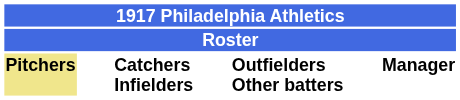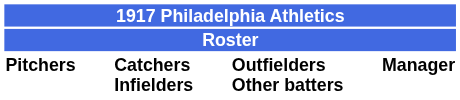 <table class="toccolours" style="font-size: 95%;">
 <tr>
 <th colspan="10" style="background-color: #4169e1; color: white; text-align: center;">1917 Philadelphia Athletics</th>
 </tr>
 <tr>
 <td colspan="10" style="background-color: #4169e1; color: white; text-align: center;"><strong>Roster</strong></td>
 </tr>
 <tr>
-<td valign="top" style="background: khaki;"><strong>Pitchers</strong><br>              </td>
+<td valign="top"><strong>Pitchers</strong><br>              </td>
 <td width="25px"></td>
 <td valign="top"><strong>Catchers</strong><br>      <strong>Infielders</strong>          </td>
 <td width="25px"></td>
 <td valign="top"><strong>Outfielders</strong><br>         <strong>Other batters</strong> </td>
 <td width="25px"></td>
 <td valign="top"><strong>Manager</strong><br></td>
 </tr>
 </table>
